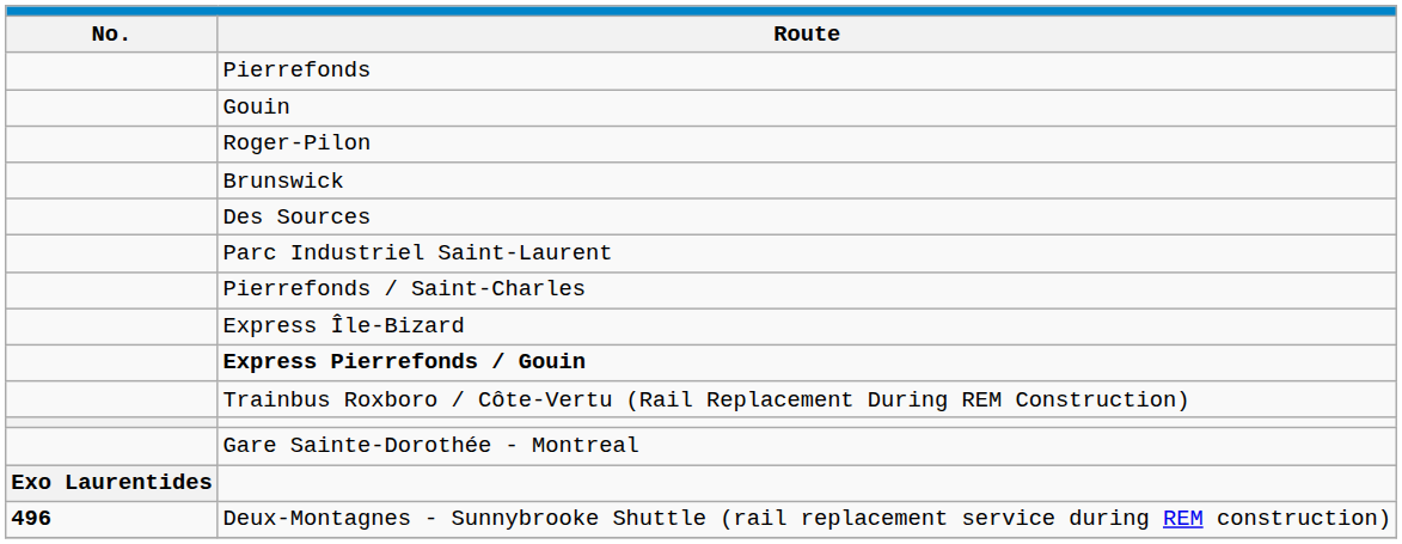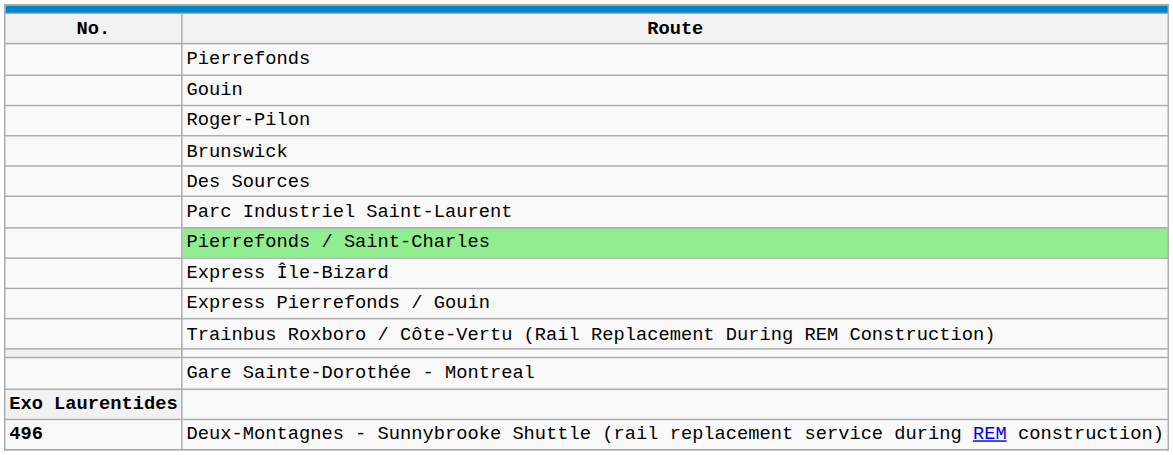 <table align=center class="wikitable">
 <tr>
 <th style="background: #0085CA; font-size:100%; color:#FFFFFF;"colspan="4"><a href='#'></a></th>
 </tr>
 <tr>
 <th>No.</th>
 <th>Route</th>
 </tr>
 <tr>
 <td></td>
 <td>Pierrefonds</td>
 </tr>
 <tr>
 <td></td>
 <td>Gouin</td>
 </tr>
 <tr>
 <td></td>
 <td>Roger-Pilon</td>
 </tr>
 <tr>
 <td></td>
 <td>Brunswick</td>
 </tr>
 <tr>
 <td></td>
 <td>Des Sources</td>
 </tr>
 <tr>
 <td></td>
 <td>Parc Industriel Saint-Laurent</td>
 </tr>
 <tr>
 <td {{Avoid wrap> </td>
-<td>Pierrefonds / Saint-Charles</td>
+<td style="background: lightgreen;">Pierrefonds / Saint-Charles</td>
 </tr>
 <tr>
 <td></td>
 <td>Express Île-Bizard</td>
 </tr>
 <tr>
 <td></td>
-<td><strong>Express Pierrefonds / Gouin</strong></td>
+<td>Express Pierrefonds / Gouin</td>
 </tr>
 <tr>
 <td></td>
 <td>Trainbus Roxboro / Côte-Vertu (Rail Replacement During REM Construction)</td>
 </tr>
 <tr>
 <th style="background: #"><a href='#'></a></th>
 </tr>
 <tr>
 <td></td>
 <td>Gare Sainte-Dorothée - Montreal</td>
 </tr>
 <tr>
 <th style="background: #">Exo Laurentides</th>
 </tr>
 <tr>
 <td {{border> <strong>496</strong></td>
 <td>Deux-Montagnes - Sunnybrooke Shuttle (rail replacement service during <a href='#'>REM</a> construction)</td>
 </tr>
 <tr>
 </tr>
 </table>
